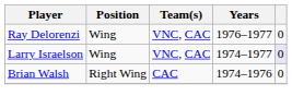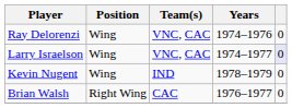 <table class="wikitable">
 <tr>
 <th>Player</th>
 <th>Position</th>
 <th>Team(s)</th>
 <th>Years</th>
 <th><a href='#'></a></th>
 </tr>
 <tr>
 <td><a href='#'>Ray Delorenzi</a></td>
 <td>Wing</td>
 <td><a href='#'>VNC</a>, <a href='#'>CAC</a></td>
-<td>1976–1977</td>
+<td>1974–1976</td>
 <td>0</td>
 </tr>
 <tr>
 <td><a href='#'>Larry Israelson</a></td>
 <td>Wing</td>
 <td><a href='#'>VNC</a>, <a href='#'>CAC</a></td>
 <td>1974–1977</td>
 <td style="background: lavender;">0</td>
 </tr>
 <tr>
+<td><a href='#'>Kevin Nugent</a></td>
+<td>Wing</td>
+<td><a href='#'>IND</a></td>
+<td>1978–1979</td>
+<td>0</td>
+</tr>
+<tr>
 <td><a href='#'>Brian Walsh</a></td>
 <td>Right Wing</td>
 <td><a href='#'>CAC</a></td>
-<td>1974–1976</td>
+<td>1976–1977</td>
 <td>0</td>
 </tr>
 <tr>
 </tr>
 </table>
